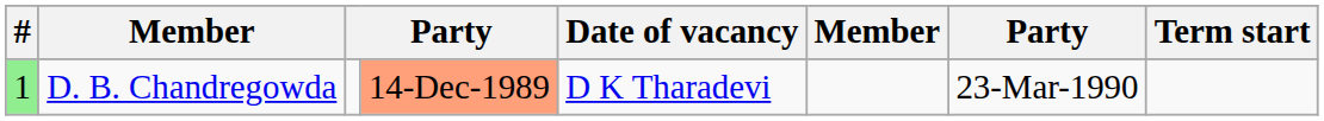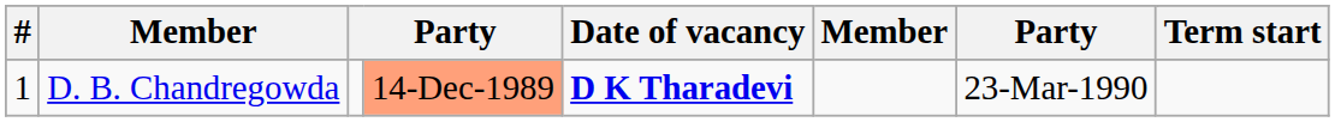 <table class="wikitable">
 <tr>
 <th>#</th>
 <th>Member</th>
 <th colspan="2">Party</th>
 <th>Date of vacancy</th>
 <th>Member</th>
 <th colspan="2">Party</th>
 <th>Term start</th>
 </tr>
 <tr>
-<td style="background: lightgreen;">1</td>
+<td>1</td>
 <td><a href='#'>D. B. Chandregowda</a></td>
 <td></td>
 <td style="background: lightsalmon;">14-Dec-1989</td>
-<td><a href='#'>D K Tharadevi</a></td>
+<td><strong><a href='#'>D K Tharadevi</a></strong></td>
 <td></td>
 <td>23-Mar-1990</td>
 </tr>
 </table>
